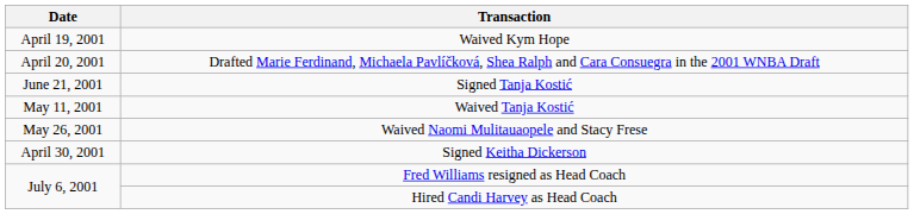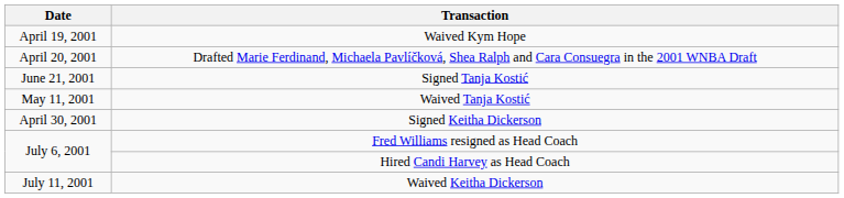 <table class="wikitable" style="width:80%; text-align: center;">
 <tr>
 <th>Date</th>
 <th>Transaction</th>
 </tr>
 <tr>
 <td>April 19, 2001</td>
 <td>Waived Kym Hope</td>
 </tr>
 <tr>
 <td>April 20, 2001</td>
 <td>Drafted <a href='#'>Marie Ferdinand</a>, <a href='#'>Michaela Pavlíčková</a>, <a href='#'>Shea Ralph</a> and <a href='#'>Cara Consuegra</a> in the <a href='#'>2001 WNBA Draft</a></td>
 </tr>
 <tr>
 <td>June 21, 2001</td>
 <td>Signed <a href='#'>Tanja Kostić</a></td>
 </tr>
 <tr>
 <td>May 11, 2001</td>
 <td>Waived <a href='#'>Tanja Kostić</a></td>
 </tr>
 <tr>
-<td>May 26, 2001</td>
-<td>Waived <a href='#'>Naomi Mulitauaopele</a> and Stacy Frese</td>
-</tr>
-<tr>
 <td>April 30, 2001</td>
 <td>Signed <a href='#'>Keitha Dickerson</a></td>
 </tr>
 <tr>
 <td rowspan="2">July 6, 2001</td>
 <td><a href='#'>Fred Williams</a> resigned as Head Coach</td>
 </tr>
 <tr>
 <td>Hired <a href='#'>Candi Harvey</a> as Head Coach</td>
 </tr>
+<tr>
+<td>July 11, 2001</td>
+<td>Waived <a href='#'>Keitha Dickerson</a></td>
+</tr>
 </table>
